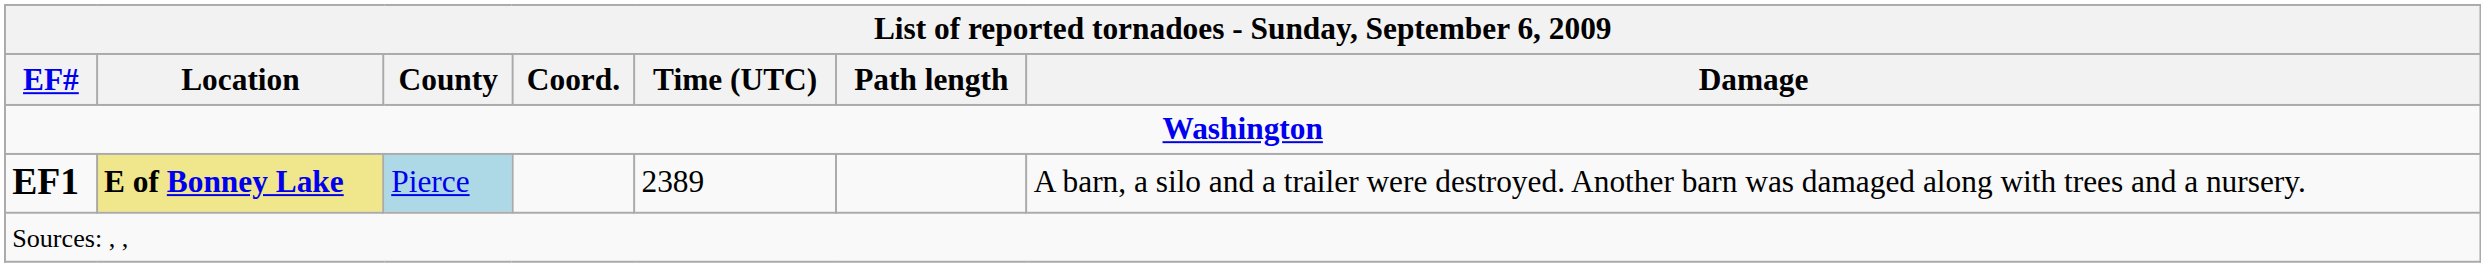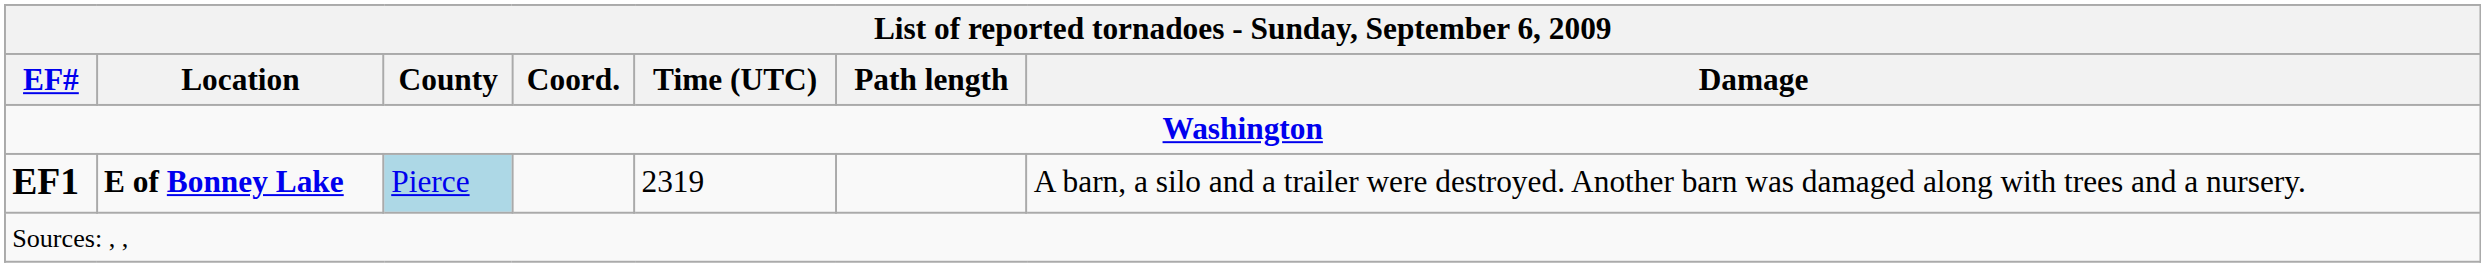 <table class="wikitable collapsible" width="100%">
 <tr>
 <th colspan="7">List of reported tornadoes - Sunday, September 6, 2009</th>
 </tr>
 <tr>
 <th><a href='#'>EF#</a></th>
 <th>Location</th>
 <th>County</th>
 <th>Coord.</th>
 <th>Time (UTC)</th>
 <th>Path length</th>
 <th>Damage</th>
 </tr>
 <tr>
 <td colspan="7" align=center><strong><a href='#'>Washington</a></strong></td>
 </tr>
 <tr>
 <td><big><strong>EF1</strong></big></td>
-<td style="background: khaki;"><strong>E of <a href='#'>Bonney Lake</a></strong></td>
+<td><strong>E of <a href='#'>Bonney Lake</a></strong></td>
 <td style="background: lightblue;"><a href='#'>Pierce</a></td>
 <td></td>
-<td>2389</td>
+<td>2319</td>
 <td></td>
 <td>A barn, a silo and a trailer were destroyed. Another barn was damaged along with trees and a nursery.</td>
 </tr>
 <tr>
 <td colspan="7"><small>Sources: , , </small></td>
 </tr>
 </table>
